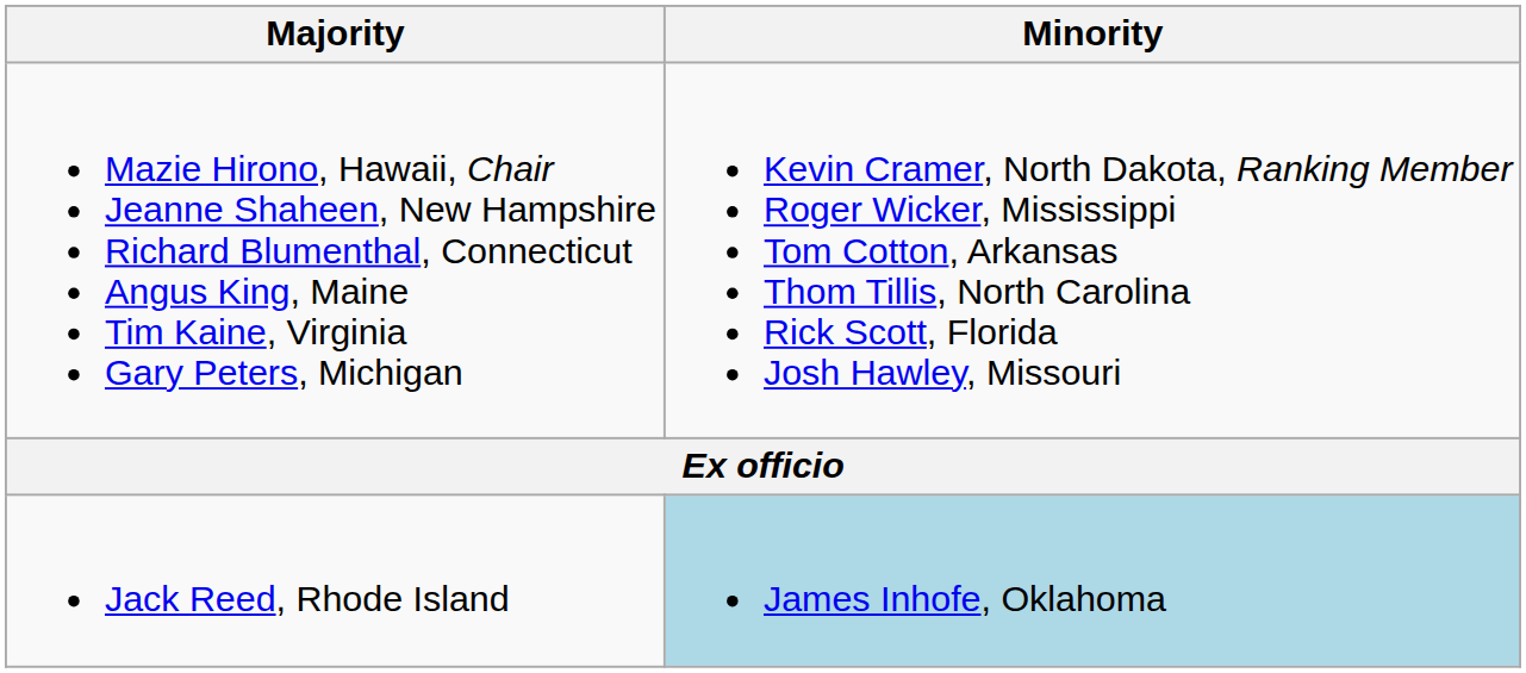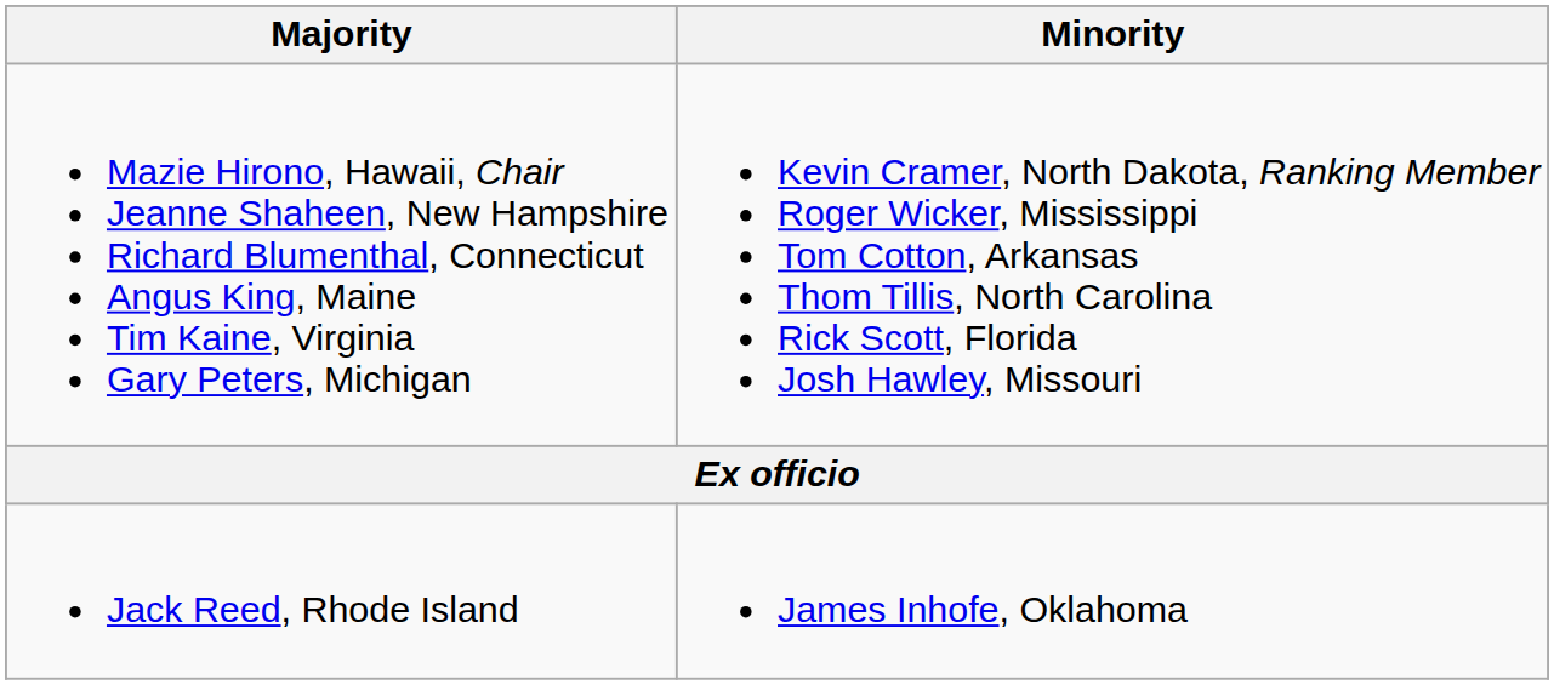 <table class=wikitable>
 <tr>
 <th>Majority</th>
 <th>Minority</th>
 </tr>
 <tr>
 <td><br><ul><li><a href='#'>Mazie Hirono</a>, Hawaii, <em>Chair</em></li><li><a href='#'>Jeanne Shaheen</a>, New Hampshire</li><li><a href='#'>Richard Blumenthal</a>, Connecticut</li><li><span><a href='#'>Angus King</a>, Maine</span></li><li><a href='#'>Tim Kaine</a>, Virginia</li><li><a href='#'>Gary Peters</a>, Michigan</li></ul></td>
 <td><br><ul><li><a href='#'>Kevin Cramer</a>, North Dakota, <em>Ranking Member</em></li><li><a href='#'>Roger Wicker</a>, Mississippi</li><li><a href='#'>Tom Cotton</a>, Arkansas</li><li><a href='#'>Thom Tillis</a>, North Carolina</li><li><a href='#'>Rick Scott</a>, Florida</li><li><a href='#'>Josh Hawley</a>, Missouri</li></ul></td>
 </tr>
 <tr>
 <th colspan=2><em>Ex officio</em></th>
 </tr>
 <tr>
 <td><br><ul><li><a href='#'>Jack Reed</a>, Rhode Island</li></ul></td>
-<td style="background: lightblue;"><br><ul><li><a href='#'>James Inhofe</a>, Oklahoma</li></ul></td>
+<td><br><ul><li><a href='#'>James Inhofe</a>, Oklahoma</li></ul></td>
 </tr>
 </table>
